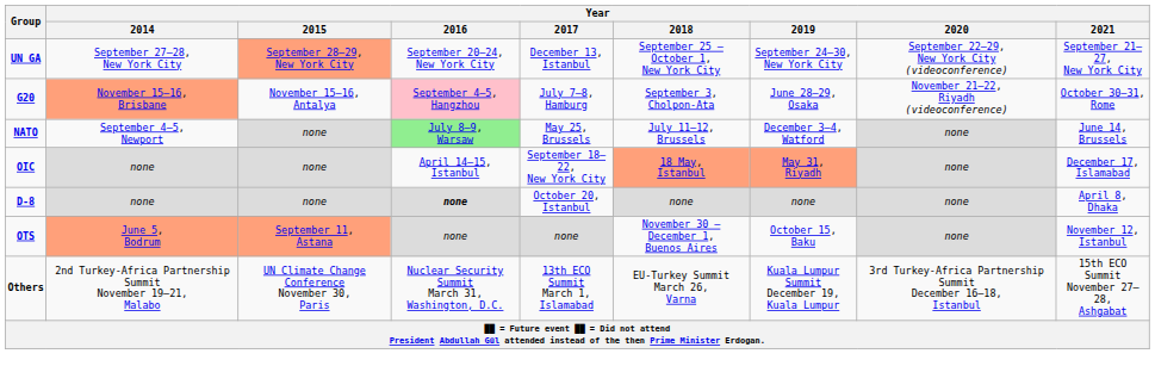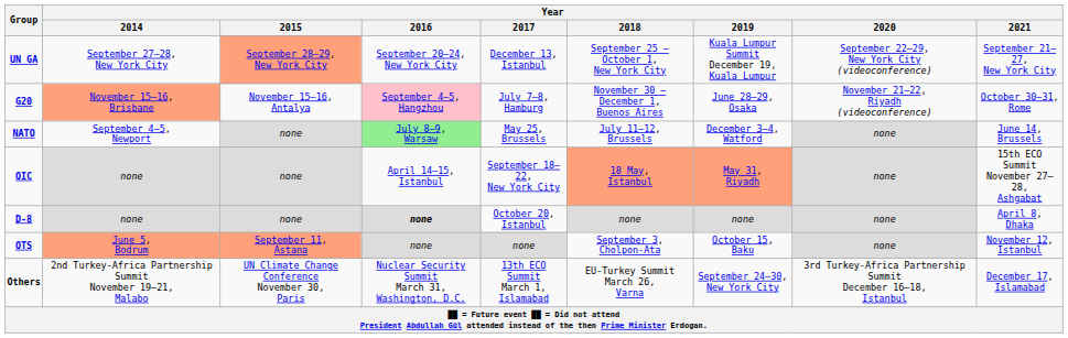 <table class="wikitable" style="font-size:85%; text-align:center; margin:1em auto;">
 <tr>
 <th rowspan="2">Group</th>
 <th colspan="10">Year</th>
 </tr>
 <tr>
 <th>2014</th>
 <th>2015</th>
 <th>2016</th>
 <th>2017</th>
 <th>2018</th>
 <th>2019</th>
 <th>2020</th>
 <th>2021</th>
 </tr>
 <tr>
 <td><strong><a href='#'>UN GA</a></strong></td>
 <td><a href='#'>September 27–28</a>,<br> <a href='#'>New York City</a></td>
 <td style="background:#ffa07a;"><a href='#'>September 28–29</a>,<br> <a href='#'>New York City</a></td>
 <td><a href='#'>September 20–24</a>,<br> <a href='#'>New York City</a></td>
 <td><a href='#'>December 13</a>,<br> <a href='#'>Istanbul</a></td>
 <td><a href='#'>September 25 – October 1</a>,<br> <a href='#'>New York City</a></td>
-<td><a href='#'>September 24–30</a>,<br> <a href='#'>New York City</a></td>
+<td><a href='#'>Kuala Lumpur Summit</a><br>December 19,<br> <a href='#'>Kuala Lumpur</a></td>
 <td><a href='#'>September 22–29</a>,<br> <a href='#'>New York City</a><br><em>(videoconference)</em></td>
 <td><a href='#'>September 21–27</a>,<br> <a href='#'>New York City</a></td>
 </tr>
 <tr>
 <td><strong><a href='#'>G20</a></strong></td>
 <td style="background:#ffa07a;"><a href='#'>November 15–16</a>,<br> <a href='#'>Brisbane</a></td>
 <td><a href='#'>November 15–16</a>,<br> <a href='#'>Antalya</a></td>
 <td style="background: pink;"><a href='#'>September 4–5</a>,<br> <a href='#'>Hangzhou</a></td>
 <td><a href='#'>July 7–8</a>,<br> <a href='#'>Hamburg</a></td>
-<td><a href='#'>September 3</a>,<br> <a href='#'>Cholpon-Ata</a></td>
+<td><a href='#'>November 30 – December 1</a>,<br> <a href='#'>Buenos Aires</a></td>
 <td><a href='#'>June 28–29</a>,<br> <a href='#'>Osaka</a></td>
 <td><a href='#'>November 21–22</a>,<br> <a href='#'>Riyadh</a><br><em>(videoconference)</em></td>
 <td><a href='#'>October 30–31</a>,<br> <a href='#'>Rome</a></td>
 </tr>
 <tr>
 <td><strong><a href='#'>NATO</a></strong></td>
 <td><a href='#'>September 4–5</a>,<br> <a href='#'>Newport</a></td>
 <td style="background:#dcdcdc;"><em>none</em></td>
 <td style="background: lightgreen;"><a href='#'>July 8–9</a>,<br> <a href='#'>Warsaw</a></td>
 <td><a href='#'>May 25</a>,<br> <a href='#'>Brussels</a></td>
 <td><a href='#'>July 11–12</a>,<br> <a href='#'>Brussels</a></td>
 <td><a href='#'>December 3–4</a>,<br> <a href='#'>Watford</a></td>
 <td style="background:#dcdcdc;"><em>none</em></td>
 <td><a href='#'>June 14</a>,<br> <a href='#'>Brussels</a></td>
 </tr>
 <tr>
 <td><strong><a href='#'>OIC</a></strong></td>
 <td style="background:#dcdcdc;"><em>none</em></td>
 <td style="background:#dcdcdc;"><em>none</em></td>
 <td><a href='#'>April 14–15</a>,<br> <a href='#'>Istanbul</a></td>
 <td><a href='#'>September 18–22</a>,<br> <a href='#'>New York City</a></td>
 <td style="background: lightsalmon;"><a href='#'>18 May</a>,<br> <a href='#'>Istanbul</a></td>
 <td style="background:#ffa07a;"><a href='#'>May 31</a>,<br> <a href='#'>Riyadh</a></td>
 <td style="background:#dcdcdc;"><em>none</em></td>
-<td><a href='#'>December 17</a>,<br> <a href='#'>Islamabad</a></td>
+<td>15th ECO Summit<br>November 27–28,<br> <a href='#'>Ashgabat</a></td>
 </tr>
 <tr>
 <td><strong><a href='#'>D-8</a></strong></td>
 <td style="background:#dcdcdc;"><em>none</em></td>
 <td style="background:#dcdcdc;"><em>none</em></td>
 <td style="background:#dcdcdc;"><strong><em>none</em></strong></td>
 <td><a href='#'>October 20</a>,<br> <a href='#'>Istanbul</a></td>
 <td style="background:#dcdcdc;"><em>none</em></td>
 <td style="background:#dcdcdc;"><em>none</em></td>
 <td style="background:#dcdcdc;"><em>none</em></td>
 <td><a href='#'>April 8</a>,<br> <a href='#'>Dhaka</a></td>
 </tr>
 <tr>
 <td><strong><a href='#'>OTS</a></strong></td>
 <td style="background:#ffa07a;"><a href='#'>June 5</a>,<br> <a href='#'>Bodrum</a></td>
 <td style="background:#ffa07a;"><a href='#'>September 11</a>,<br> <a href='#'>Astana</a></td>
 <td style="background:#dcdcdc;"><em>none</em></td>
 <td style="background:#dcdcdc;"><em>none</em></td>
-<td><a href='#'>November 30 – December 1</a>,<br> <a href='#'>Buenos Aires</a></td>
+<td><a href='#'>September 3</a>,<br> <a href='#'>Cholpon-Ata</a></td>
 <td><a href='#'>October 15</a>,<br> <a href='#'>Baku</a></td>
 <td style="background:#dcdcdc;"><em>none</em></td>
 <td><a href='#'>November 12</a>,<br> <a href='#'>Istanbul</a></td>
 </tr>
 <tr>
 <td><strong>Others</strong></td>
 <td>2nd Turkey-Africa Partnership Summit<br>November 19–21,<br> <a href='#'>Malabo</a></td>
 <td><a href='#'>UN Climate Change Conference</a><br>November 30,<br> <a href='#'>Paris</a></td>
 <td><a href='#'>Nuclear Security Summit</a><br>March 31,<br> <a href='#'>Washington, D.C.</a></td>
 <td><a href='#'>13th ECO Summit</a><br>March 1,<br> <a href='#'>Islamabad</a></td>
 <td>EU-Turkey Summit<br>March 26,<br> <a href='#'>Varna</a></td>
-<td><a href='#'>Kuala Lumpur Summit</a><br>December 19,<br> <a href='#'>Kuala Lumpur</a></td>
+<td><a href='#'>September 24–30</a>,<br> <a href='#'>New York City</a></td>
 <td>3rd Turkey-Africa Partnership Summit<br>December 16–18,<br> <a href='#'>Istanbul</a></td>
-<td>15th ECO Summit<br>November 27–28,<br> <a href='#'>Ashgabat</a></td>
+<td><a href='#'>December 17</a>,<br> <a href='#'>Islamabad</a></td>
 </tr>
 <tr>
 <th colspan="11"><small><span>██</span> = Future event <span>██</span> = Did not attend</small><br><small> <a href='#'>President</a> <a href='#'>Abdullah Gül</a> attended instead of the then <a href='#'>Prime Minister</a> Erdogan.</small></th>
 </tr>
 </table>
